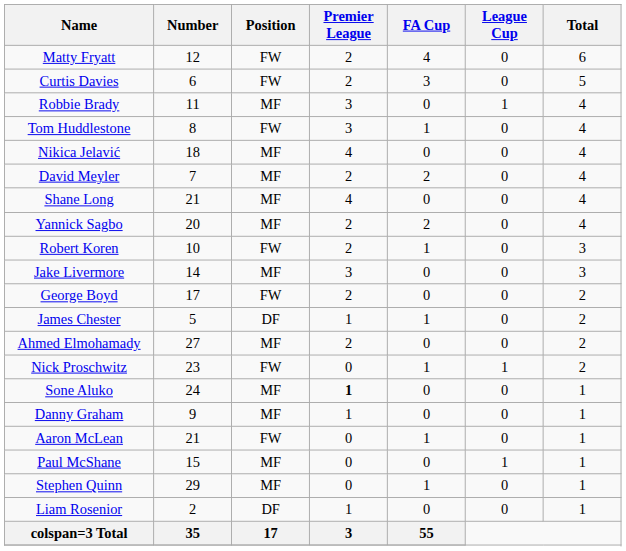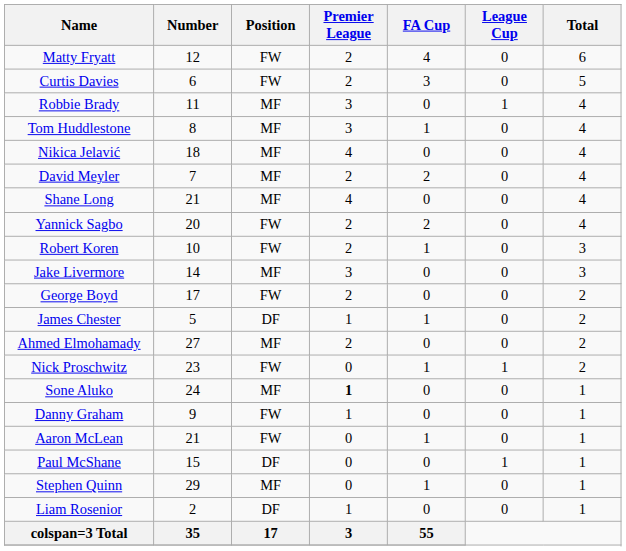 <table class="wikitable sortable" style="text-align:center; font-size:95%">
 <tr>
 <th width=150px>Name</th>
 <th width=75px>Number</th>
 <th width=75px>Position</th>
 <th width=75px><a href='#'>Premier League</a></th>
 <th width=75px><a href='#'>FA Cup</a></th>
 <th width=75px><a href='#'>League<br>Cup</a></th>
 <th width=75px>Total</th>
 </tr>
 <tr>
 <td><a href='#'>Matty Fryatt</a></td>
 <td>12</td>
 <td>FW</td>
 <td>2</td>
 <td>4</td>
 <td>0</td>
 <td>6</td>
 </tr>
 <tr>
 <td><a href='#'>Curtis Davies</a></td>
 <td>6</td>
 <td>FW</td>
 <td>2</td>
 <td>3</td>
 <td>0</td>
 <td>5</td>
 </tr>
 <tr>
 <td><a href='#'>Robbie Brady</a></td>
 <td>11</td>
 <td>MF</td>
 <td>3</td>
 <td>0</td>
 <td>1</td>
 <td>4</td>
 </tr>
 <tr>
 <td><a href='#'>Tom Huddlestone</a></td>
 <td>8</td>
-<td>FW</td>
+<td>MF</td>
 <td>3</td>
 <td>1</td>
 <td>0</td>
 <td>4</td>
 </tr>
 <tr>
 <td><a href='#'>Nikica Jelavić</a></td>
 <td>18</td>
 <td>MF</td>
 <td>4</td>
 <td>0</td>
 <td>0</td>
 <td>4</td>
 </tr>
 <tr>
 <td><a href='#'>David Meyler</a></td>
 <td>7</td>
 <td>MF</td>
 <td>2</td>
 <td>2</td>
 <td>0</td>
 <td>4</td>
 </tr>
 <tr>
 <td><a href='#'>Shane Long</a></td>
 <td>21</td>
 <td>MF</td>
 <td>4</td>
 <td>0</td>
 <td>0</td>
 <td>4</td>
 </tr>
 <tr>
 <td><a href='#'>Yannick Sagbo</a></td>
 <td>20</td>
-<td>MF</td>
+<td>FW</td>
 <td>2</td>
 <td>2</td>
 <td>0</td>
 <td>4</td>
 </tr>
 <tr>
 <td><a href='#'>Robert Koren</a></td>
 <td>10</td>
 <td>FW</td>
 <td>2</td>
 <td>1</td>
 <td>0</td>
 <td>3</td>
 </tr>
 <tr>
 <td><a href='#'>Jake Livermore</a></td>
 <td>14</td>
 <td>MF</td>
 <td>3</td>
 <td>0</td>
 <td>0</td>
 <td>3</td>
 </tr>
 <tr>
 <td><a href='#'>George Boyd</a></td>
 <td>17</td>
 <td>FW</td>
 <td>2</td>
 <td>0</td>
 <td>0</td>
 <td>2</td>
 </tr>
 <tr>
 <td><a href='#'>James Chester</a></td>
 <td>5</td>
 <td>DF</td>
 <td>1</td>
 <td>1</td>
 <td>0</td>
 <td>2</td>
 </tr>
 <tr>
 <td><a href='#'>Ahmed Elmohamady</a></td>
 <td>27</td>
 <td>MF</td>
 <td>2</td>
 <td>0</td>
 <td>0</td>
 <td>2</td>
 </tr>
 <tr>
 <td><a href='#'>Nick Proschwitz</a></td>
 <td>23</td>
 <td>FW</td>
 <td>0</td>
 <td>1</td>
 <td>1</td>
 <td>2</td>
 </tr>
 <tr>
 <td><a href='#'>Sone Aluko</a></td>
 <td>24</td>
 <td>MF</td>
 <td><strong>1</strong></td>
 <td>0</td>
 <td>0</td>
 <td>1</td>
 </tr>
 <tr>
 <td><a href='#'>Danny Graham</a></td>
 <td>9</td>
-<td>MF</td>
+<td>FW</td>
 <td>1</td>
 <td>0</td>
 <td>0</td>
 <td>1</td>
 </tr>
 <tr>
 <td><a href='#'>Aaron McLean</a></td>
 <td>21</td>
 <td>FW</td>
 <td>0</td>
 <td>1</td>
 <td>0</td>
 <td>1</td>
 </tr>
 <tr>
 <td><a href='#'>Paul McShane</a></td>
 <td>15</td>
-<td>MF</td>
+<td>DF</td>
 <td>0</td>
 <td>0</td>
 <td>1</td>
 <td>1</td>
 </tr>
 <tr>
 <td><a href='#'>Stephen Quinn</a></td>
 <td>29</td>
 <td>MF</td>
 <td>0</td>
 <td>1</td>
 <td>0</td>
 <td>1</td>
 </tr>
 <tr>
 <td><a href='#'>Liam Rosenior</a></td>
 <td>2</td>
 <td>DF</td>
 <td>1</td>
 <td>0</td>
 <td>0</td>
 <td>1</td>
 </tr>
 <tr class="unsortable">
 <th>colspan=3 Total</th>
 <th>35</th>
 <th>17</th>
 <th>3</th>
 <th>55</th>
 </tr>
 <tr>
 </tr>
 </table>
